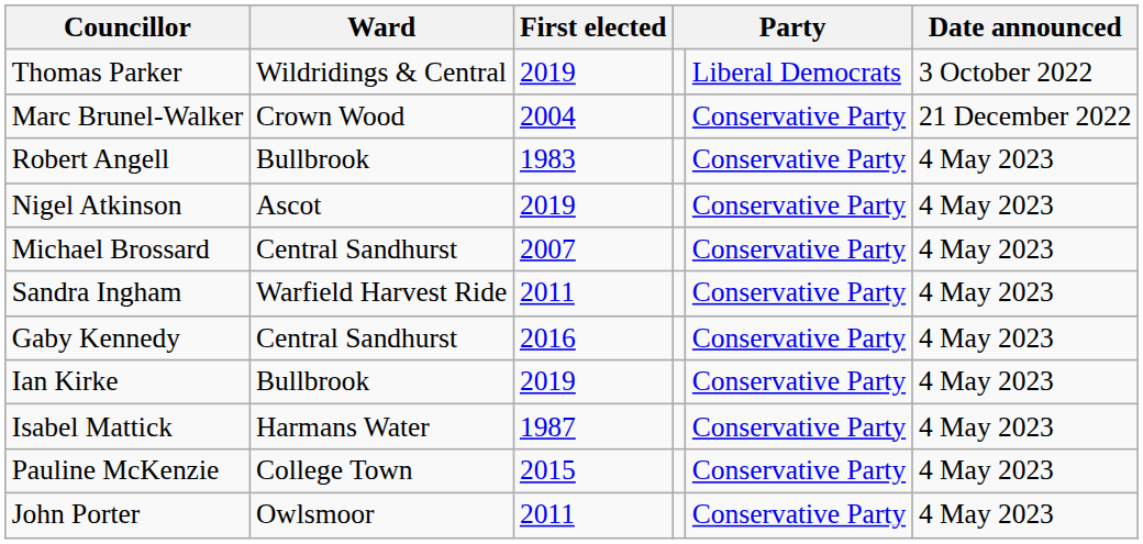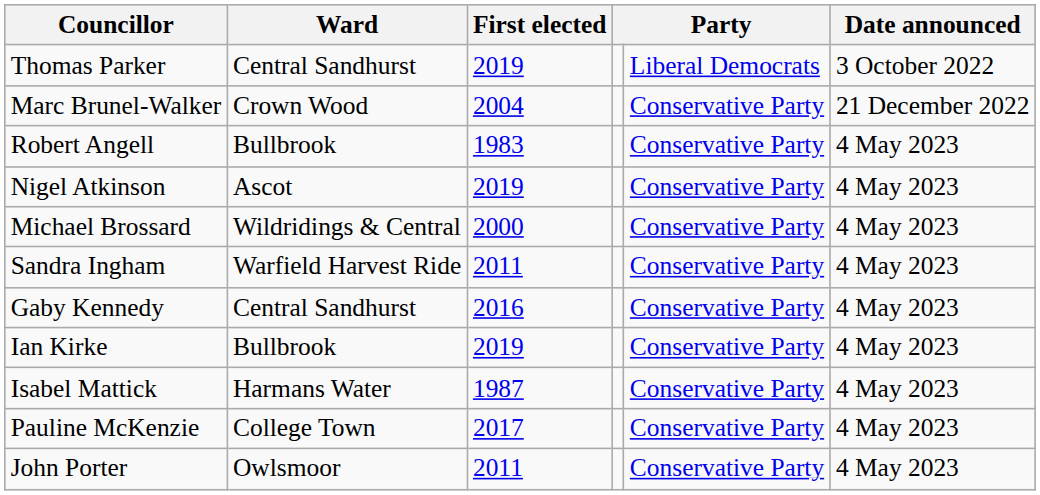 <table class="wikitable sortable">
 <tr>
 <th scope="col">Councillor</th>
 <th scope="col">Ward</th>
 <th scope="col">First elected</th>
 <th colspan="2" scope="col">Party</th>
 <th scope="col">Date announced</th>
 </tr>
 <tr>
 <td>Thomas Parker</td>
-<td>Wildridings & Central</td>
+<td>Central Sandhurst</td>
 <td><a href='#'>2019</a></td>
 <td rowspan="1;" style="background-color: "></td>
 <td><a href='#'>Liberal Democrats</a></td>
 <td>3 October 2022</td>
 </tr>
 <tr>
 <td>Marc Brunel-Walker</td>
 <td>Crown Wood</td>
 <td><a href='#'>2004</a></td>
 <td rowspan="1;" style="background-color: "></td>
 <td><a href='#'>Conservative Party</a></td>
 <td>21 December 2022</td>
 </tr>
 <tr>
 <td>Robert Angell</td>
 <td>Bullbrook</td>
 <td><a href='#'>1983</a></td>
 <td rowspan="1;" style="background-color: "></td>
 <td><a href='#'>Conservative Party</a></td>
 <td>4 May 2023</td>
 </tr>
 <tr>
 <td>Nigel Atkinson</td>
 <td>Ascot</td>
 <td><a href='#'>2019</a></td>
 <td rowspan="1;" style="background-color: "></td>
 <td><a href='#'>Conservative Party</a></td>
 <td>4 May 2023</td>
 </tr>
 <tr>
 <td>Michael Brossard</td>
-<td>Central Sandhurst</td>
-<td><a href='#'>2007</a></td>
+<td>Wildridings & Central</td>
+<td><a href='#'>2000</a></td>
 <td rowspan="1;" style="background-color: "></td>
 <td><a href='#'>Conservative Party</a></td>
 <td>4 May 2023</td>
 </tr>
 <tr>
 <td>Sandra Ingham</td>
 <td>Warfield Harvest Ride</td>
 <td><a href='#'>2011</a></td>
 <td rowspan="1;" style="background-color: "></td>
 <td><a href='#'>Conservative Party</a></td>
 <td>4 May 2023</td>
 </tr>
 <tr>
 <td>Gaby Kennedy</td>
 <td>Central Sandhurst</td>
 <td><a href='#'>2016</a></td>
 <td rowspan="1;" style="background-color: "></td>
 <td><a href='#'>Conservative Party</a></td>
 <td>4 May 2023</td>
 </tr>
 <tr>
 <td>Ian Kirke</td>
 <td>Bullbrook</td>
 <td><a href='#'>2019</a></td>
 <td rowspan="1;" style="background-color: "></td>
 <td><a href='#'>Conservative Party</a></td>
 <td>4 May 2023</td>
 </tr>
 <tr>
 <td>Isabel Mattick</td>
 <td>Harmans Water</td>
 <td><a href='#'>1987</a></td>
 <td rowspan="1;" style="background-color: "></td>
 <td><a href='#'>Conservative Party</a></td>
 <td>4 May 2023</td>
 </tr>
 <tr>
 <td>Pauline McKenzie</td>
 <td>College Town</td>
-<td><a href='#'>2015</a></td>
+<td><a href='#'>2017</a></td>
 <td rowspan="1;" style="background-color: "></td>
 <td><a href='#'>Conservative Party</a></td>
 <td>4 May 2023</td>
 </tr>
 <tr>
 <td>John Porter</td>
 <td>Owlsmoor</td>
 <td><a href='#'>2011</a></td>
 <td rowspan="1;" style="background-color: "></td>
 <td><a href='#'>Conservative Party</a></td>
 <td>4 May 2023</td>
 </tr>
 </table>
